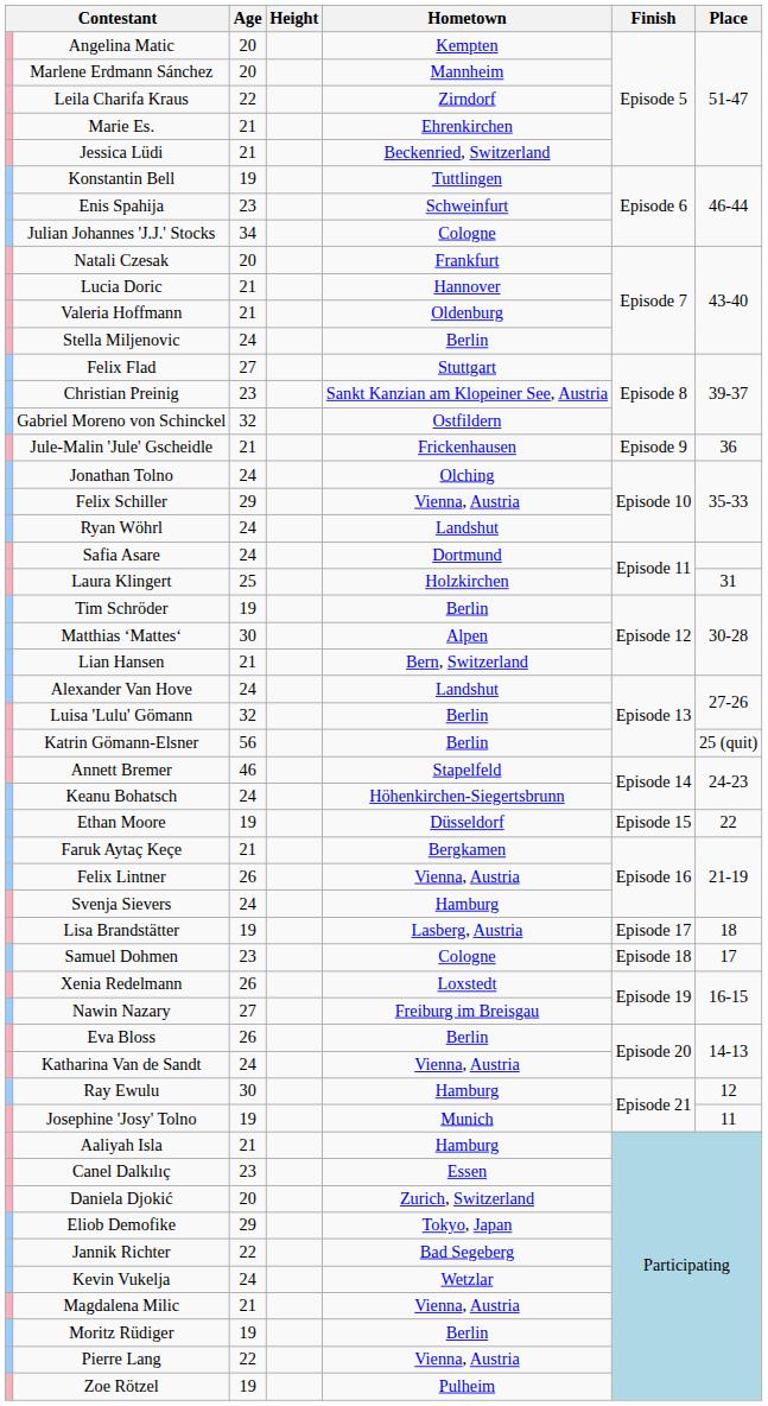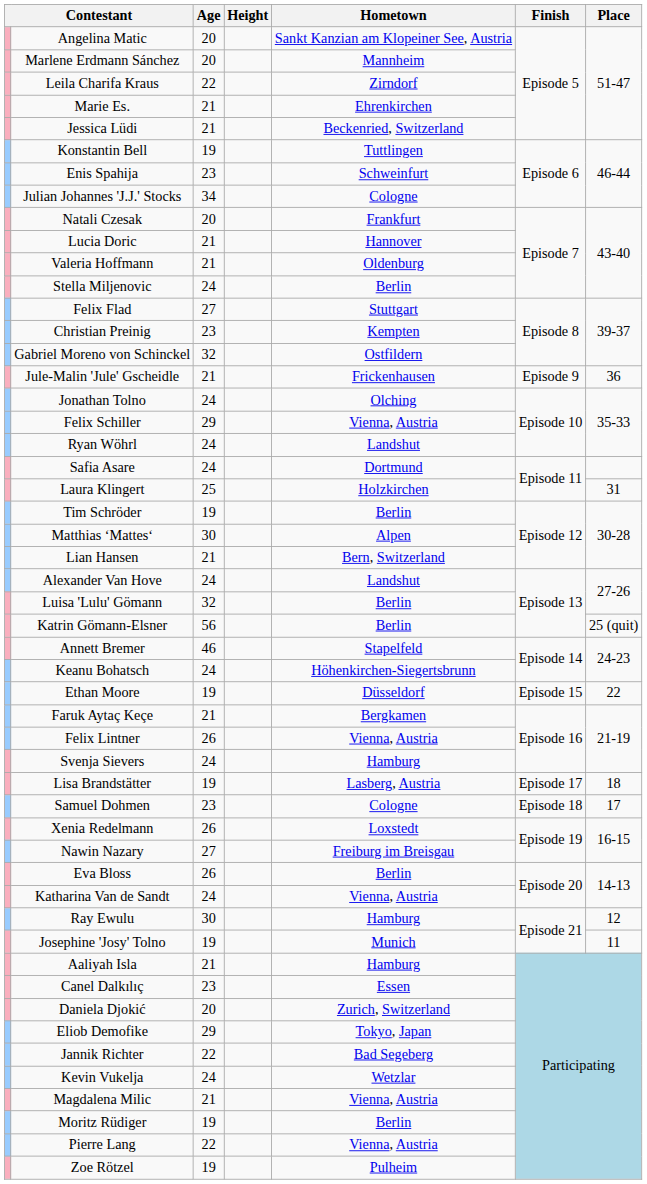 <table class="wikitable sortable" style="text-align:center;">
 <tr>
 <th colspan="2">Contestant</th>
 <th>Age</th>
 <th>Height</th>
 <th>Hometown</th>
 <th>Finish</th>
 <th>Place</th>
 </tr>
 <tr>
 <td style="background:#faafbe"></td>
 <td>Angelina Matic </td>
 <td>20</td>
 <td></td>
-<td><a href='#'>Kempten</a></td>
+<td><a href='#'>Sankt Kanzian am Klopeiner See</a>, <a href='#'>Austria</a></td>
 <td rowspan="5">Episode 5</td>
 <td rowspan="5">51-47</td>
 </tr>
 <tr>
 <td style="background:#faafbe"></td>
 <td>Marlene Erdmann Sánchez</td>
 <td>20</td>
 <td></td>
 <td><a href='#'>Mannheim</a></td>
 </tr>
 <tr>
 <td style="background:#faafbe"></td>
 <td>Leila Charifa Kraus</td>
 <td>22</td>
 <td></td>
 <td><a href='#'>Zirndorf</a></td>
 </tr>
 <tr>
 <td style="background:#faafbe"></td>
 <td>Marie Es.</td>
 <td>21</td>
 <td></td>
 <td><a href='#'>Ehrenkirchen</a></td>
 </tr>
 <tr>
 <td style="background:#faafbe"></td>
 <td>Jessica Lüdi</td>
 <td>21</td>
 <td></td>
 <td><a href='#'>Beckenried</a>, <a href='#'>Switzerland</a></td>
 </tr>
 <tr>
 <td style="background:#9cf;"></td>
 <td>Konstantin Bell</td>
 <td>19</td>
 <td></td>
 <td><a href='#'>Tuttlingen</a></td>
 <td rowspan="3">Episode 6</td>
 <td rowspan="3">46-44</td>
 </tr>
 <tr>
 <td style="background:#9cf;"></td>
 <td>Enis Spahija</td>
 <td>23</td>
 <td></td>
 <td><a href='#'>Schweinfurt</a></td>
 </tr>
 <tr>
 <td style="background:#9cf;"></td>
 <td>Julian Johannes 'J.J.' Stocks</td>
 <td>34</td>
 <td></td>
 <td><a href='#'>Cologne</a></td>
 </tr>
 <tr>
 <td style="background:#faafbe"></td>
 <td>Natali Czesak</td>
 <td>20</td>
 <td></td>
 <td><a href='#'>Frankfurt</a></td>
 <td rowspan="4">Episode 7</td>
 <td rowspan="4">43-40</td>
 </tr>
 <tr>
 <td style="background:#faafbe"></td>
 <td>Lucia Doric</td>
 <td>21</td>
 <td></td>
 <td><a href='#'>Hannover</a></td>
 </tr>
 <tr>
 <td style="background:#faafbe"></td>
 <td>Valeria Hoffmann</td>
 <td>21</td>
 <td></td>
 <td><a href='#'>Oldenburg</a></td>
 </tr>
 <tr>
 <td style="background:#faafbe"></td>
 <td>Stella Miljenovic</td>
 <td>24</td>
 <td></td>
 <td><a href='#'>Berlin</a></td>
 </tr>
 <tr>
 <td style="background:#9cf;"></td>
 <td>Felix Flad</td>
 <td>27</td>
 <td></td>
 <td><a href='#'>Stuttgart</a></td>
 <td rowspan="3">Episode 8</td>
 <td rowspan="3">39-37</td>
 </tr>
 <tr>
 <td style="background:#9cf;"></td>
 <td>Christian Preinig</td>
 <td>23</td>
 <td></td>
-<td><a href='#'>Sankt Kanzian am Klopeiner See</a>, <a href='#'>Austria</a></td>
+<td><a href='#'>Kempten</a></td>
 </tr>
 <tr>
 <td style="background:#9cf;"></td>
 <td>Gabriel Moreno von Schinckel</td>
 <td>32</td>
 <td></td>
 <td><a href='#'>Ostfildern</a></td>
 </tr>
 <tr>
 <td style="background:#faafbe"></td>
 <td>Jule-Malin 'Jule' Gscheidle</td>
 <td>21</td>
 <td></td>
 <td><a href='#'>Frickenhausen</a></td>
 <td>Episode 9</td>
 <td>36</td>
 </tr>
 <tr>
 <td style="background:#9cf;"></td>
 <td>Jonathan Tolno</td>
 <td>24</td>
 <td></td>
 <td><a href='#'>Olching</a></td>
 <td rowspan="3">Episode 10</td>
 <td rowspan="3">35-33</td>
 </tr>
 <tr>
 <td style="background:#9cf;"></td>
 <td>Felix Schiller</td>
 <td>29</td>
 <td></td>
 <td><a href='#'>Vienna</a>, <a href='#'>Austria</a></td>
 </tr>
 <tr>
 <td style="background:#9cf;"></td>
 <td>Ryan Wöhrl</td>
 <td>24</td>
 <td></td>
 <td><a href='#'>Landshut</a></td>
 </tr>
 <tr>
 <td style="background:#faafbe"></td>
 <td>Safia Asare</td>
 <td>24</td>
 <td></td>
 <td><a href='#'>Dortmund</a></td>
 <td rowspan="2">Episode 11</td>
 <td></td>
 </tr>
 <tr>
 <td style="background:#faafbe"></td>
 <td>Laura Klingert</td>
 <td>25</td>
 <td></td>
 <td><a href='#'>Holzkirchen</a></td>
 <td>31</td>
 </tr>
 <tr>
 <td style="background:#9cf;"></td>
 <td>Tim Schröder</td>
 <td>19</td>
 <td></td>
 <td><a href='#'>Berlin</a></td>
 <td rowspan="3">Episode 12</td>
 <td rowspan="3">30-28</td>
 </tr>
 <tr>
 <td style="background:#9cf;"></td>
 <td>Matthias ‘Mattes‘</td>
 <td>30</td>
 <td></td>
 <td><a href='#'>Alpen</a></td>
 </tr>
 <tr>
 <td style="background:#9cf;"></td>
 <td>Lian Hansen</td>
 <td>21</td>
 <td></td>
 <td><a href='#'>Bern</a>, <a href='#'>Switzerland</a></td>
 </tr>
 <tr>
 <td style="background:#9cf;"></td>
 <td>Alexander Van Hove</td>
 <td>24</td>
 <td></td>
 <td><a href='#'>Landshut</a></td>
 <td rowspan="3">Episode 13</td>
 <td rowspan="2">27-26</td>
 </tr>
 <tr>
 <td style="background:#faafbe"></td>
 <td>Luisa 'Lulu' Gömann</td>
 <td>32</td>
 <td></td>
 <td><a href='#'>Berlin</a></td>
 </tr>
 <tr>
 <td style="background:#faafbe"></td>
 <td>Katrin Gömann-Elsner</td>
 <td>56</td>
 <td></td>
 <td><a href='#'>Berlin</a></td>
 <td>25 (quit)</td>
 </tr>
 <tr>
 <td style="background:#faafbe"></td>
 <td>Annett Bremer</td>
 <td>46</td>
 <td></td>
 <td><a href='#'>Stapelfeld</a></td>
 <td rowspan="2">Episode 14</td>
 <td rowspan="2">24-23</td>
 </tr>
 <tr>
 <td style="background:#9cf;"></td>
 <td>Keanu Bohatsch</td>
 <td>24</td>
 <td></td>
 <td><a href='#'>Höhenkirchen-Siegertsbrunn</a></td>
 </tr>
 <tr>
 <td style="background:#9cf;"></td>
 <td>Ethan Moore</td>
 <td>19</td>
 <td></td>
 <td><a href='#'>Düsseldorf</a></td>
 <td>Episode 15</td>
 <td>22</td>
 </tr>
 <tr>
 <td style="background:#9cf;"></td>
 <td>Faruk Aytaç Keçe</td>
 <td>21</td>
 <td></td>
 <td><a href='#'>Bergkamen</a></td>
 <td rowspan="3">Episode 16</td>
 <td rowspan="3">21-19</td>
 </tr>
 <tr>
 <td style="background:#9cf;"></td>
 <td>Felix Lintner</td>
 <td>26</td>
 <td></td>
 <td><a href='#'>Vienna</a>, <a href='#'>Austria</a></td>
 </tr>
 <tr>
 <td style="background:#faafbe"></td>
 <td>Svenja Sievers</td>
 <td>24</td>
 <td></td>
 <td><a href='#'>Hamburg</a></td>
 </tr>
 <tr>
 <td style="background:#faafbe"></td>
 <td>Lisa Brandstätter</td>
 <td>19</td>
 <td></td>
 <td><a href='#'>Lasberg</a>, <a href='#'>Austria</a></td>
 <td>Episode 17</td>
 <td>18</td>
 </tr>
 <tr>
 <td style="background:#9cf;"></td>
 <td>Samuel Dohmen</td>
 <td>23</td>
 <td></td>
 <td><a href='#'>Cologne</a></td>
 <td>Episode 18</td>
 <td>17</td>
 </tr>
 <tr>
 <td style="background:#faafbe"></td>
 <td>Xenia Redelmann</td>
 <td>26</td>
 <td></td>
 <td><a href='#'>Loxstedt</a></td>
 <td rowspan="2">Episode 19</td>
 <td rowspan="2">16-15</td>
 </tr>
 <tr>
 <td style="background:#9cf;"></td>
 <td>Nawin Nazary</td>
 <td>27</td>
 <td></td>
 <td><a href='#'>Freiburg im Breisgau</a></td>
 </tr>
 <tr>
 <td style="background:#faafbe"></td>
 <td>Eva Bloss</td>
 <td>26</td>
 <td></td>
 <td><a href='#'>Berlin</a></td>
 <td rowspan="2">Episode 20</td>
 <td rowspan="2">14-13</td>
 </tr>
 <tr>
 <td style="background:#faafbe"></td>
 <td>Katharina Van de Sandt</td>
 <td>24</td>
 <td></td>
 <td><a href='#'>Vienna</a>, <a href='#'>Austria</a></td>
 </tr>
 <tr>
 <td style="background:#9cf;"></td>
 <td>Ray Ewulu</td>
 <td>30</td>
 <td></td>
 <td><a href='#'>Hamburg</a></td>
 <td rowspan="2">Episode 21</td>
 <td>12</td>
 </tr>
 <tr>
 <td style="background:#faafbe"></td>
 <td>Josephine 'Josy' Tolno</td>
 <td>19</td>
 <td></td>
 <td><a href='#'>Munich</a></td>
 <td>11</td>
 </tr>
 <tr>
 <td style="background:#faafbe"></td>
 <td>Aaliyah Isla</td>
 <td>21</td>
 <td></td>
 <td><a href='#'>Hamburg</a></td>
 <td rowspan="51" colspan="2" style="background:lightblue">Participating</td>
 </tr>
 <tr>
 <td style="background:#faafbe"></td>
 <td>Canel Dalkılıç</td>
 <td>23</td>
 <td></td>
 <td><a href='#'>Essen</a></td>
 </tr>
 <tr>
 <td style="background:#faafbe"></td>
 <td>Daniela Djokić</td>
 <td>20</td>
 <td></td>
 <td><a href='#'>Zurich</a>, <a href='#'>Switzerland</a></td>
 </tr>
 <tr>
 <td style="background:#9cf;"></td>
 <td>Eliob Demofike</td>
 <td>29</td>
 <td></td>
 <td><a href='#'>Tokyo</a>, <a href='#'>Japan</a></td>
 </tr>
 <tr>
 <td style="background:#9cf;"></td>
 <td>Jannik Richter</td>
 <td>22</td>
 <td></td>
 <td><a href='#'>Bad Segeberg</a></td>
 </tr>
 <tr>
 <td style="background:#9cf;"></td>
 <td>Kevin Vukelja</td>
 <td>24</td>
 <td></td>
 <td><a href='#'>Wetzlar</a></td>
 </tr>
 <tr>
 <td style="background:#faafbe"></td>
 <td>Magdalena Milic</td>
 <td>21</td>
 <td></td>
 <td><a href='#'>Vienna</a>, <a href='#'>Austria</a></td>
 </tr>
 <tr>
 <td style="background:#9cf;"></td>
 <td>Moritz Rüdiger</td>
 <td>19</td>
 <td></td>
 <td><a href='#'>Berlin</a></td>
 </tr>
 <tr>
 <td style="background:#9cf;"></td>
 <td>Pierre Lang</td>
 <td>22</td>
 <td></td>
 <td><a href='#'>Vienna</a>, <a href='#'>Austria</a></td>
 </tr>
 <tr>
 <td style="background:#faafbe"></td>
 <td>Zoe Rötzel</td>
 <td>19</td>
 <td></td>
 <td><a href='#'>Pulheim</a></td>
 </tr>
 </table>
